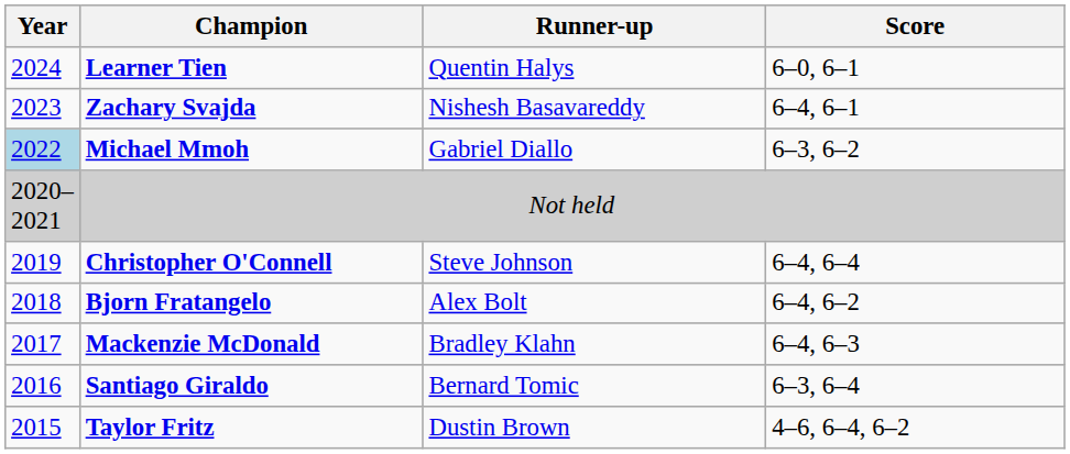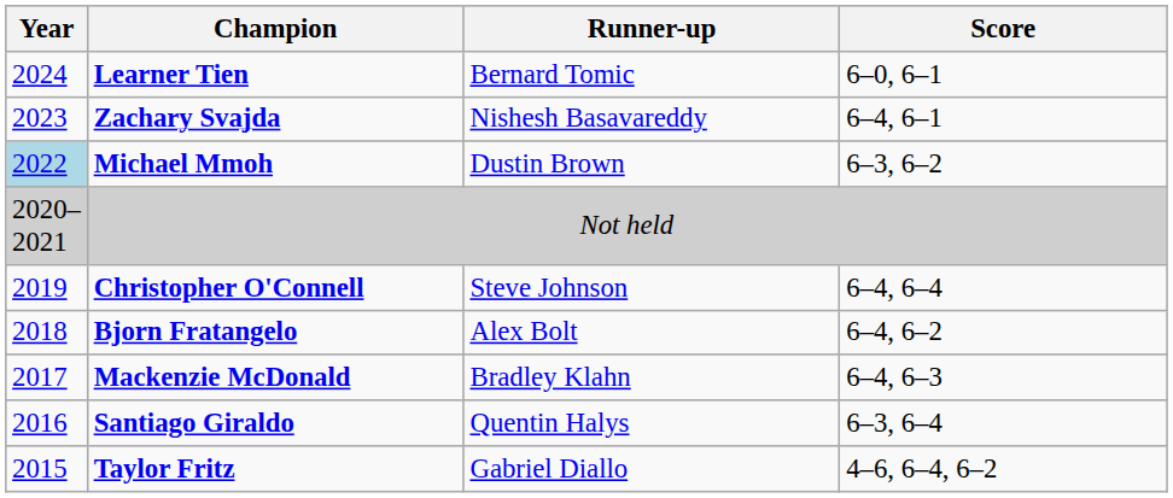 <table class="wikitable" style="font-size:90%">
 <tr>
 <th>Year</th>
 <th width="200">Champion</th>
 <th width="200">Runner-up</th>
 <th width="175">Score</th>
 </tr>
 <tr>
 <td><a href='#'>2024</a></td>
 <td> <strong><a href='#'>Learner Tien</a></strong></td>
-<td> <a href='#'>Quentin Halys</a></td>
+<td> <a href='#'>Bernard Tomic</a></td>
 <td>6–0, 6–1</td>
 </tr>
 <tr>
 <td><a href='#'>2023</a></td>
 <td> <strong><a href='#'>Zachary Svajda</a></strong></td>
 <td> <a href='#'>Nishesh Basavareddy</a></td>
 <td>6–4, 6–1</td>
 </tr>
 <tr>
 <td style="background: lightblue;"><a href='#'>2022</a></td>
 <td> <strong><a href='#'>Michael Mmoh</a></strong></td>
-<td> <a href='#'>Gabriel Diallo</a></td>
+<td> <a href='#'>Dustin Brown</a></td>
 <td>6–3, 6–2</td>
 </tr>
 <tr>
 <td style="background:#cfcfcf">2020–2021</td>
 <td colspan=3 align=center style="background:#cfcfcf"><em>Not held</em></td>
 </tr>
 <tr>
 <td><a href='#'>2019</a></td>
 <td> <strong><a href='#'>Christopher O'Connell</a></strong></td>
 <td> <a href='#'>Steve Johnson</a></td>
 <td>6–4, 6–4</td>
 </tr>
 <tr>
 <td><a href='#'>2018</a></td>
 <td> <strong><a href='#'>Bjorn Fratangelo</a></strong></td>
 <td> <a href='#'>Alex Bolt</a></td>
 <td>6–4, 6–2</td>
 </tr>
 <tr>
 <td><a href='#'>2017</a></td>
 <td> <strong><a href='#'>Mackenzie McDonald</a></strong></td>
 <td> <a href='#'>Bradley Klahn</a></td>
 <td>6–4, 6–3</td>
 </tr>
 <tr>
 <td><a href='#'>2016</a></td>
 <td> <strong><a href='#'>Santiago Giraldo</a></strong></td>
-<td> <a href='#'>Bernard Tomic</a></td>
+<td> <a href='#'>Quentin Halys</a></td>
 <td>6–3, 6–4</td>
 </tr>
 <tr>
 <td><a href='#'>2015</a></td>
 <td> <strong><a href='#'>Taylor Fritz</a></strong></td>
-<td> <a href='#'>Dustin Brown</a></td>
+<td> <a href='#'>Gabriel Diallo</a></td>
 <td>4–6, 6–4, 6–2</td>
 </tr>
 </table>
